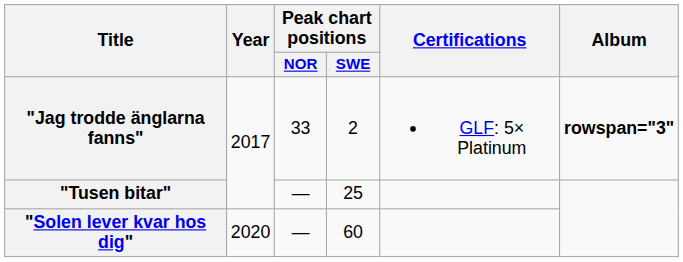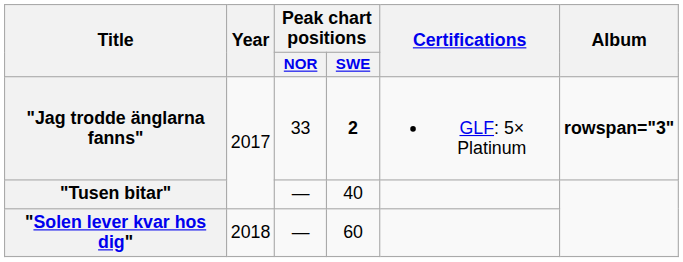 <table class="wikitable plainrowheaders" style="text-align:center;">
 <tr>
 <th scope="col" rowspan="2">Title</th>
 <th scope="col" rowspan="2">Year</th>
 <th scope="col" colspan="2">Peak chart positions</th>
 <th scope="col" rowspan="2"><a href='#'>Certifications</a></th>
 <th scope="col" rowspan="2">Album</th>
 </tr>
 <tr>
 <th scope="col" style="width:3em;font-size:85%;"><a href='#'>NOR</a><br></th>
 <th scope="col" style="width:3em;font-size:85%;"><a href='#'>SWE</a><br></th>
 </tr>
 <tr>
 <th scope="row">"Jag trodde änglarna fanns"</th>
 <td rowspan="2">2017</td>
 <td>33</td>
-<td>2</td>
+<td><strong>2</strong></td>
 <td><br><ul><li><a href='#'>GLF</a>: 5× Platinum</li></ul></td>
 <td><strong>rowspan="3" </strong></td>
 </tr>
 <tr>
 <th scope="row">"Tusen bitar"</th>
 <td>—</td>
-<td>25</td>
+<td>40</td>
 <td></td>
 </tr>
 <tr>
 <th scope="row">"<a href='#'>Solen lever kvar hos dig</a>"</th>
-<td>2020</td>
+<td>2018</td>
 <td>—</td>
 <td>60<br></td>
 <td></td>
 </tr>
 </table>
